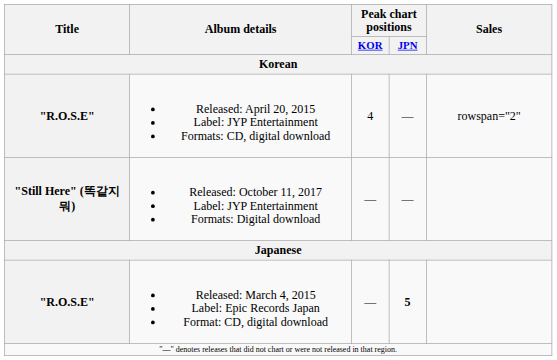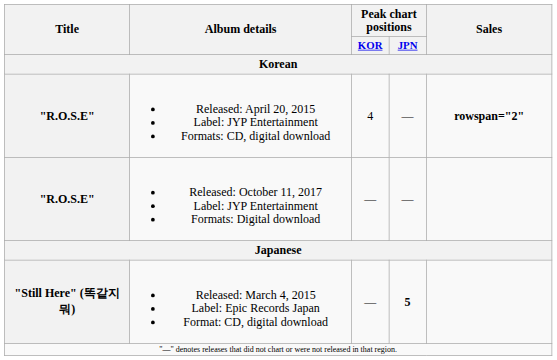 <table class="wikitable plainrowheaders" style="text-align:center;">
 <tr>
 <th rowspan="2" style="width:10em;">Title</th>
 <th rowspan="2" style="width:18em;">Album details</th>
 <th colspan="2">Peak chart positions</th>
 <th rowspan="2" style="width:10em;">Sales</th>
 </tr>
 <tr>
 <th scope="col" style="width:3em;font-size:90%;"><a href='#'>KOR</a><br></th>
 <th scope="col" style="width:3em;font-size:90%;"><a href='#'>JPN</a><br></th>
 </tr>
 <tr>
 <th scope="col" colspan="5">Korean</th>
 </tr>
 <tr>
 <th scope="row">"R.O.S.E"</th>
 <td><br><ul><li>Released: April 20, 2015</li><li>Label: JYP Entertainment</li><li>Formats: CD, digital download</li></ul></td>
 <td>4</td>
 <td>—</td>
-<td>rowspan="2" </td>
+<td><strong>rowspan="2" </strong></td>
 </tr>
 <tr>
-<th scope="row">"Still Here" (똑같지 뭐)</th>
+<th scope="row">"R.O.S.E"</th>
 <td><br><ul><li>Released: October 11, 2017</li><li>Label: JYP Entertainment</li><li>Formats: Digital download</li></ul></td>
 <td>—</td>
 <td>—</td>
 </tr>
 <tr>
 <th scope="col" colspan="5">Japanese</th>
 </tr>
 <tr>
-<th scope="row">"R.O.S.E"</th>
+<th scope="row">"Still Here" (똑같지 뭐)</th>
 <td><br><ul><li>Released: March 4, 2015</li><li>Label: Epic Records Japan</li><li>Format: CD, digital download</li></ul></td>
 <td>—</td>
 <td><strong>5</strong></td>
 <td></td>
 </tr>
 <tr>
 <td colspan="5" style="font-size:8pt;">"—" denotes releases that did not chart or were not released in that region.</td>
 </tr>
 </table>
